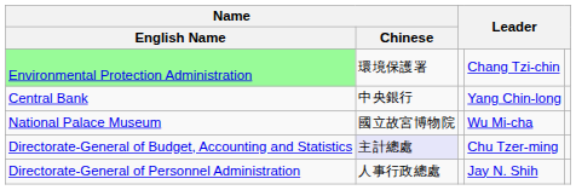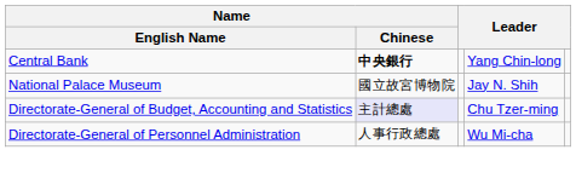 <table class="wikitable sortable">
 <tr>
 <th colspan="2">Name</th>
 <th colspan="3" rowspan="2">Leader</th>
 </tr>
 <tr>
 <th>English Name</th>
 <th>Chinese</th>
 </tr>
 <tr>
-<td style="background:palegreen"><br><a href='#'>Environmental Protection Administration</a></td>
-<td>環境保護署</td>
-<td style="background:"></td>
-<td><a href='#'>Chang Tzi-chin</a></td>
-<td></td>
-</tr>
-<tr>
 <td><a href='#'>Central Bank</a></td>
-<td>中央銀行</td>
+<td><strong>中央銀行</strong></td>
 <td style="background:"></td>
 <td><a href='#'>Yang Chin-long</a></td>
 <td></td>
 </tr>
 <tr>
 <td><a href='#'>National Palace Museum</a></td>
 <td>國立故宮博物院</td>
 <td style="background:"></td>
-<td><a href='#'>Wu Mi-cha</a></td>
+<td><a href='#'>Jay N. Shih</a></td>
 <td></td>
 </tr>
 <tr>
 <td><a href='#'>Directorate-General of Budget, Accounting and Statistics</a></td>
 <td style="background: lavender;">主計總處</td>
 <td style="background:"></td>
 <td><a href='#'>Chu Tzer-ming</a></td>
 <td></td>
 </tr>
 <tr>
 <td><a href='#'>Directorate-General of Personnel Administration</a></td>
 <td>人事行政總處</td>
 <td style="background:"></td>
-<td><a href='#'>Jay N. Shih</a></td>
+<td><a href='#'>Wu Mi-cha</a></td>
 <td></td>
 </tr>
 </table>
